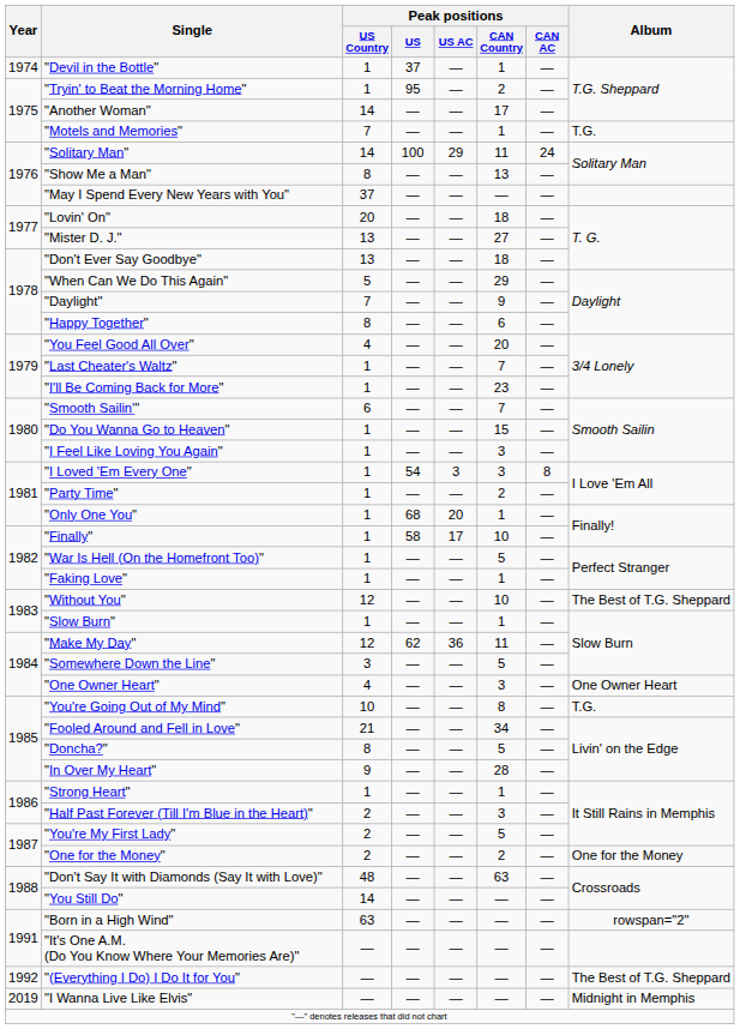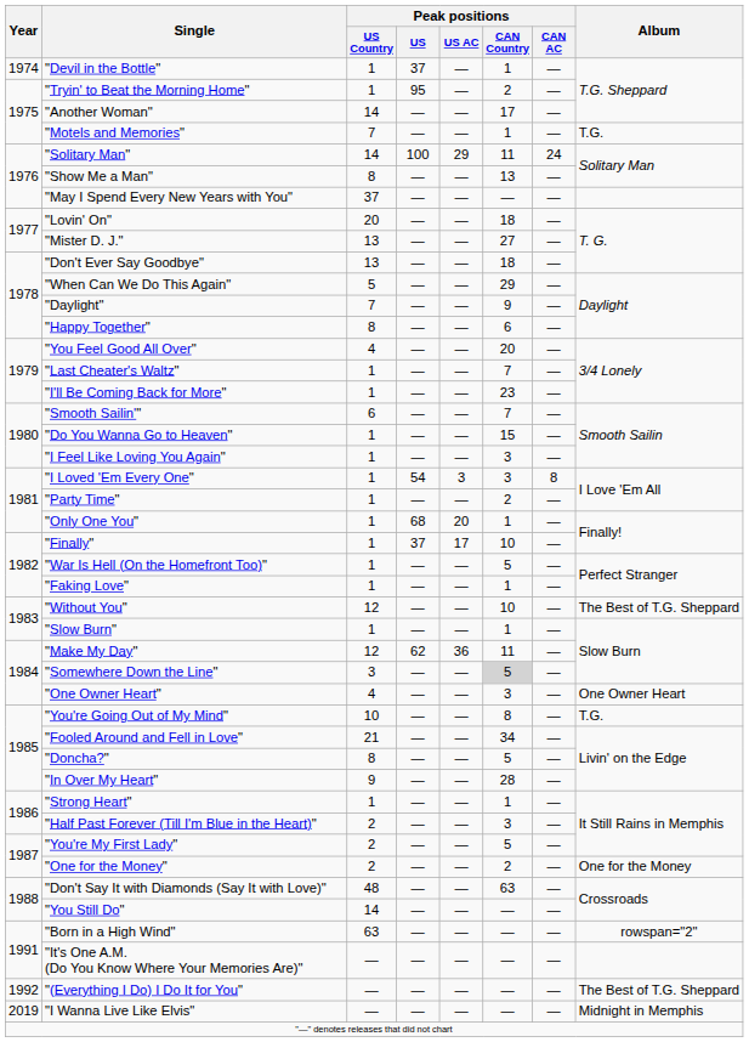 <table class="wikitable plainrowheaders" style="text-align:center;">
 <tr>
 <th rowspan="2">Year</th>
 <th rowspan="2" style="width:22em;">Single</th>
 <th colspan="5">Peak positions</th>
 <th rowspan="2">Album</th>
 </tr>
 <tr style="font-size:smaller;">
 <th width="45"><a href='#'>US Country</a><br></th>
 <th width="45"><a href='#'>US</a><br></th>
 <th width="45"><a href='#'>US AC</a><br></th>
 <th width="45"><a href='#'>CAN Country</a><br></th>
 <th width="45"><a href='#'>CAN AC</a><br></th>
 </tr>
 <tr>
 <td>1974</td>
 <td align="left">"<a href='#'>Devil in the Bottle</a>"</td>
 <td>1</td>
 <td>37</td>
 <td>—</td>
 <td>1</td>
 <td>—</td>
 <td align="left" rowspan="3"><em>T.G. Sheppard</em></td>
 </tr>
 <tr>
 <td rowspan="3">1975</td>
 <td align="left">"<a href='#'>Tryin' to Beat the Morning Home</a>"</td>
 <td>1</td>
 <td>95</td>
 <td>—</td>
 <td>2</td>
 <td>—</td>
 </tr>
 <tr>
 <td align="left">"Another Woman"</td>
 <td>14</td>
 <td>—</td>
 <td>—</td>
 <td>17</td>
 <td>—</td>
 </tr>
 <tr>
 <td align="left">"<a href='#'>Motels and Memories</a>"</td>
 <td>7</td>
 <td>—</td>
 <td>—</td>
 <td>1</td>
 <td>—</td>
 <td align="left"></em>T.G.<em> </td>
 </tr>
 <tr>
 <td rowspan="3">1976</td>
 <td align="left">"<a href='#'>Solitary Man</a>"</td>
 <td>14</td>
 <td>100</td>
 <td>29</td>
 <td>11</td>
 <td>24</td>
 <td align="left" rowspan="2"><em>Solitary Man</em></td>
 </tr>
 <tr>
 <td align="left">"Show Me a Man"</td>
 <td>8</td>
 <td>—</td>
 <td>—</td>
 <td>13</td>
 <td>—</td>
 </tr>
 <tr>
 <td align="left">"May I Spend Every New Years with You"</td>
 <td>37</td>
 <td>—</td>
 <td>—</td>
 <td>—</td>
 <td>—</td>
 <td></td>
 </tr>
 <tr>
 <td rowspan="2">1977</td>
 <td align="left">"Lovin' On"</td>
 <td>20</td>
 <td>—</td>
 <td>—</td>
 <td>18</td>
 <td>—</td>
 <td align="left" rowspan="3"><em>T. G.</em> </td>
 </tr>
 <tr>
 <td align="left">"Mister D. J."</td>
 <td>13</td>
 <td>—</td>
 <td>—</td>
 <td>27</td>
 <td>—</td>
 </tr>
 <tr>
 <td rowspan="4">1978</td>
 <td align="left">"Don't Ever Say Goodbye"</td>
 <td>13</td>
 <td>—</td>
 <td>—</td>
 <td>18</td>
 <td>—</td>
 </tr>
 <tr>
 <td align="left">"When Can We Do This Again"</td>
 <td>5</td>
 <td>—</td>
 <td>—</td>
 <td>29</td>
 <td>—</td>
 <td align="left" rowspan="3"><em>Daylight</em></td>
 </tr>
 <tr>
 <td align="left">"Daylight"</td>
 <td>7</td>
 <td>—</td>
 <td>—</td>
 <td>9</td>
 <td>—</td>
 </tr>
 <tr>
 <td align="left">"<a href='#'>Happy Together</a>"</td>
 <td>8</td>
 <td>—</td>
 <td>—</td>
 <td>6</td>
 <td>—</td>
 </tr>
 <tr>
 <td rowspan="3">1979</td>
 <td align="left">"<a href='#'>You Feel Good All Over</a>"</td>
 <td>4</td>
 <td>—</td>
 <td>—</td>
 <td>20</td>
 <td>—</td>
 <td align="left" rowspan="3"><em>3/4 Lonely</em></td>
 </tr>
 <tr>
 <td align="left">"<a href='#'>Last Cheater's Waltz</a>"</td>
 <td>1</td>
 <td>—</td>
 <td>—</td>
 <td>7</td>
 <td>—</td>
 </tr>
 <tr>
 <td align="left">"<a href='#'>I'll Be Coming Back for More</a>"</td>
 <td>1</td>
 <td>—</td>
 <td>—</td>
 <td>23</td>
 <td>—</td>
 </tr>
 <tr>
 <td rowspan="3">1980</td>
 <td align="left">"<a href='#'>Smooth Sailin'</a>"</td>
 <td>6</td>
 <td>—</td>
 <td>—</td>
 <td>7</td>
 <td>—</td>
 <td align="left" rowspan="3"><em>Smooth Sailin<strong></td>
 </tr>
 <tr>
 <td align="left">"<a href='#'>Do You Wanna Go to Heaven</a>"</td>
 <td>1</td>
 <td>—</td>
 <td>—</td>
 <td>15</td>
 <td>—</td>
 </tr>
 <tr>
 <td align="left">"<a href='#'>I Feel Like Loving You Again</a>"</td>
 <td>1</td>
 <td>—</td>
 <td>—</td>
 <td>3</td>
 <td>—</td>
 </tr>
 <tr>
 <td rowspan="3">1981</td>
 <td align="left">"<a href='#'>I Loved 'Em Every One</a>"</td>
 <td>1</td>
 <td>54</td>
 <td>3</td>
 <td>3</td>
 <td>8</td>
 <td align="left" rowspan="2"></em>I Love 'Em All<em></td>
 </tr>
 <tr>
 <td align="left">"<a href='#'>Party Time</a>"</td>
 <td>1</td>
 <td>—</td>
 <td>—</td>
 <td>2</td>
 <td>—</td>
 </tr>
 <tr>
 <td align="left">"<a href='#'>Only One You</a>"</td>
 <td>1</td>
 <td>68</td>
 <td>20</td>
 <td>1</td>
 <td>—</td>
 <td align="left" rowspan="2"></em>Finally!<em></td>
 </tr>
 <tr>
 <td rowspan="3">1982</td>
 <td align="left">"<a href='#'>Finally</a>"</td>
 <td>1</td>
-<td>58</td>
+<td>37</td>
 <td>17</td>
 <td>10</td>
 <td>—</td>
 </tr>
 <tr>
 <td align="left">"<a href='#'>War Is Hell (On the Homefront Too)</a>"</td>
 <td>1</td>
 <td>—</td>
 <td>—</td>
 <td>5</td>
 <td>—</td>
 <td align="left" rowspan="2"></em>Perfect Stranger<em></td>
 </tr>
 <tr>
 <td align="left">"<a href='#'>Faking Love</a>" </td>
 <td>1</td>
 <td>—</td>
 <td>—</td>
 <td>1</td>
 <td>—</td>
 </tr>
 <tr>
 <td rowspan="2">1983</td>
 <td align="left">"<a href='#'>Without You</a>"</td>
 <td>12</td>
 <td>—</td>
 <td>—</td>
 <td>10</td>
 <td>—</td>
 <td align="left"></em>The Best of T.G. Sheppard<em></td>
 </tr>
 <tr>
 <td align="left">"<a href='#'>Slow Burn</a>"</td>
 <td>1</td>
 <td>—</td>
 <td>—</td>
 <td>1</td>
 <td>—</td>
 <td align="left" rowspan="3"></em>Slow Burn<em></td>
 </tr>
 <tr>
 <td rowspan="3">1984</td>
 <td align="left">"<a href='#'>Make My Day</a>" </td>
 <td>12</td>
 <td>62</td>
 <td>36</td>
 <td>11</td>
 <td>—</td>
 </tr>
 <tr>
 <td align="left">"<a href='#'>Somewhere Down the Line</a>"</td>
 <td>3</td>
 <td>—</td>
 <td>—</td>
-<td>5</td>
+<td style="background: lightgrey;">5</td>
 <td>—</td>
 </tr>
 <tr>
 <td align="left">"<a href='#'>One Owner Heart</a>"</td>
 <td>4</td>
 <td>—</td>
 <td>—</td>
 <td>3</td>
 <td>—</td>
 <td align="left"></em>One Owner Heart<em></td>
 </tr>
 <tr>
 <td rowspan="4">1985</td>
 <td align="left">"<a href='#'>You're Going Out of My Mind</a>"</td>
 <td>10</td>
 <td>—</td>
 <td>—</td>
 <td>8</td>
 <td>—</td>
 <td align="left"></em>T.G.<em> </td>
 </tr>
 <tr>
 <td align="left">"<a href='#'>Fooled Around and Fell in Love</a>"</td>
 <td>21</td>
 <td>—</td>
 <td>—</td>
 <td>34</td>
 <td>—</td>
 <td align="left" rowspan="3"></em>Livin' on the Edge<em></td>
 </tr>
 <tr>
 <td align="left">"<a href='#'>Doncha?</a>"</td>
 <td>8</td>
 <td>—</td>
 <td>—</td>
 <td>5</td>
 <td>—</td>
 </tr>
 <tr>
 <td align="left">"<a href='#'>In Over My Heart</a>"</td>
 <td>9</td>
 <td>—</td>
 <td>—</td>
 <td>28</td>
 <td>—</td>
 </tr>
 <tr>
 <td rowspan="2">1986</td>
 <td align="left">"<a href='#'>Strong Heart</a>"</td>
 <td>1</td>
 <td>—</td>
 <td>—</td>
 <td>1</td>
 <td>—</td>
 <td align="left" rowspan="3"></em>It Still Rains in Memphis<em></td>
 </tr>
 <tr>
 <td align="left">"<a href='#'>Half Past Forever (Till I'm Blue in the Heart)</a>"</td>
 <td>2</td>
 <td>—</td>
 <td>—</td>
 <td>3</td>
 <td>—</td>
 </tr>
 <tr>
 <td rowspan="2">1987</td>
 <td align="left">"<a href='#'>You're My First Lady</a>"</td>
 <td>2</td>
 <td>—</td>
 <td>—</td>
 <td>5</td>
 <td>—</td>
 </tr>
 <tr>
 <td align="left">"<a href='#'>One for the Money</a>"</td>
 <td>2</td>
 <td>—</td>
 <td>—</td>
 <td>2</td>
 <td>—</td>
 <td align="left"></em>One for the Money<em></td>
 </tr>
 <tr>
 <td rowspan="2">1988</td>
 <td align="left">"Don't Say It with Diamonds (Say It with Love)"</td>
 <td>48</td>
 <td>—</td>
 <td>—</td>
 <td>63</td>
 <td>—</td>
 <td align="left" rowspan="2"></em>Crossroads<em></td>
 </tr>
 <tr>
 <td align="left">"<a href='#'>You Still Do</a>"</td>
 <td>14</td>
 <td>—</td>
 <td>—</td>
 <td>—</td>
 <td>—</td>
 </tr>
 <tr>
 <td rowspan="2">1991</td>
 <td align="left">"Born in a High Wind"</td>
 <td>63</td>
 <td>—</td>
 <td>—</td>
 <td>—</td>
 <td>—</td>
 <td>rowspan="2" </td>
 </tr>
 <tr>
 <td align="left">"It's One A.M.<br>(Do You Know Where Your Memories Are)"</td>
 <td>—</td>
 <td>—</td>
 <td>—</td>
 <td>—</td>
 <td>—</td>
 </tr>
 <tr>
 <td>1992</td>
 <td align="left">"<a href='#'>(Everything I Do) I Do It for You</a>"</td>
 <td>—</td>
 <td>—</td>
 <td>—</td>
 <td>—</td>
 <td>—</td>
 <td align="left"></em>The Best of T.G. Sheppard<em></td>
 </tr>
 <tr>
 <td>2019</td>
 <td align="left">"I Wanna Live Like Elvis"</td>
 <td>—</td>
 <td>—</td>
 <td>—</td>
 <td>—</td>
 <td>—</td>
 <td align="left"></em>Midnight in Memphis<em></td>
 </tr>
 <tr>
 <td colspan="8" style="font-size:8pt">"—" denotes releases that did not chart</td>
 </tr>
 </table>
